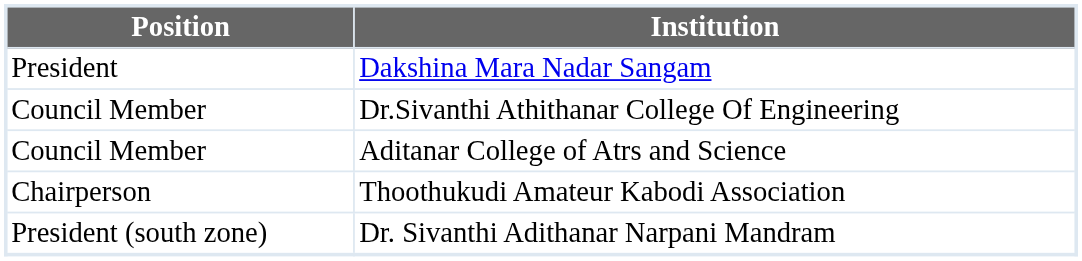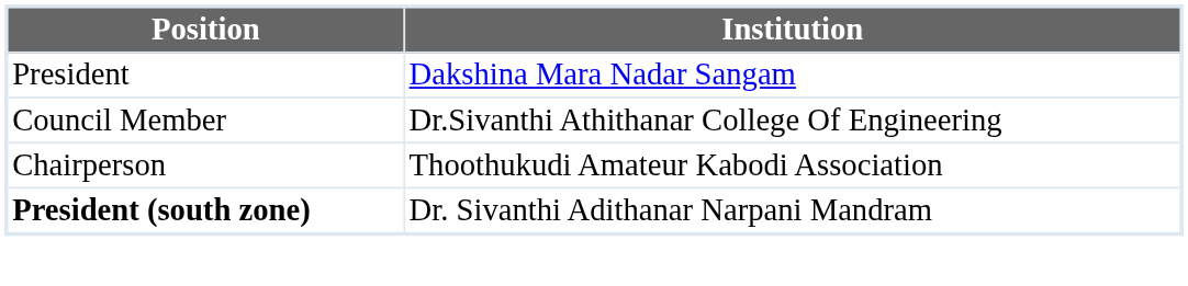 <table width="600px" cellpadding="2" cellspacing="0" border="1" style="border-collapse: collapse; border: 2px #DEE8F1 solid; font-size: x-big; font-family: verdana">
 <tr>
 <th style="background-color:#666666; color:white">Position</th>
 <th style="background-color:#666666; color:white">Institution</th>
 </tr>
 <tr -->
 <td>President</td>
 <td><a href='#'>Dakshina Mara Nadar Sangam</a></td>
 </tr>
 <tr -->
 <td>Council Member</td>
 <td>Dr.Sivanthi Athithanar College Of Engineering</td>
 </tr>
 <tr -->
-<td>Council Member</td>
-<td>Aditanar College of Atrs and Science</td>
-</tr>
-<tr -->
 <td>Chairperson</td>
 <td>Thoothukudi Amateur Kabodi Association</td>
 </tr>
 <tr -->
-<td>President (south zone)</td>
+<td><strong>President (south zone)</strong></td>
 <td>Dr. Sivanthi Adithanar Narpani Mandram</td>
 </tr>
 </table>
